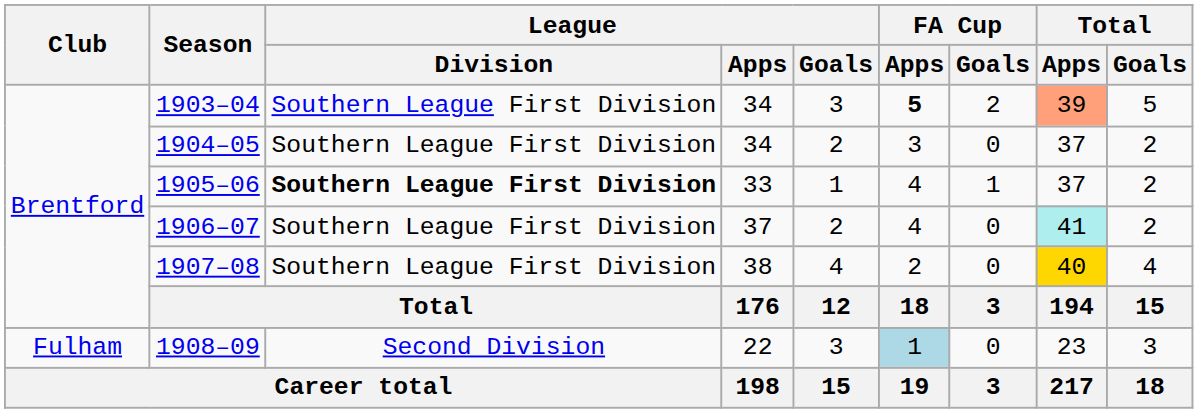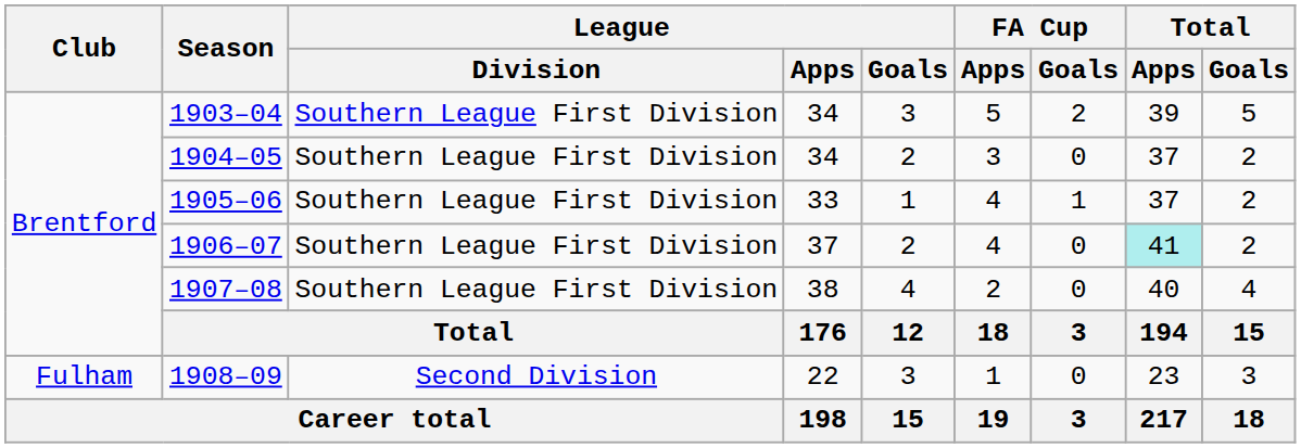 <table class="wikitable" style="text-align: center;">
 <tr>
 <th rowspan="2">Club</th>
 <th rowspan="2">Season</th>
 <th colspan="3">League</th>
 <th colspan="2">FA Cup</th>
 <th colspan="2">Total</th>
 </tr>
 <tr>
 <th>Division</th>
 <th>Apps</th>
 <th>Goals</th>
 <th>Apps</th>
 <th>Goals</th>
 <th>Apps</th>
 <th>Goals</th>
 </tr>
 <tr>
 <td rowspan="6"><a href='#'>Brentford</a></td>
 <td><a href='#'>1903–04</a></td>
 <td><a href='#'>Southern League</a> First Division</td>
 <td>34</td>
 <td>3</td>
-<td><strong>5</strong></td>
+<td>5</td>
 <td>2</td>
-<td style="background: lightsalmon;">39</td>
+<td>39</td>
 <td>5</td>
 </tr>
 <tr>
 <td><a href='#'>1904–05</a></td>
 <td>Southern League First Division</td>
 <td>34</td>
 <td>2</td>
 <td>3</td>
 <td>0</td>
 <td>37</td>
 <td>2</td>
 </tr>
 <tr>
 <td><a href='#'>1905–06</a></td>
-<td><strong>Southern League First Division</strong></td>
+<td>Southern League First Division</td>
 <td>33</td>
 <td>1</td>
 <td>4</td>
 <td>1</td>
 <td>37</td>
 <td>2</td>
 </tr>
 <tr>
 <td><a href='#'>1906–07</a></td>
 <td>Southern League First Division</td>
 <td>37</td>
 <td>2</td>
 <td>4</td>
 <td>0</td>
 <td style="background: paleturquoise;">41</td>
 <td>2</td>
 </tr>
 <tr>
 <td><a href='#'>1907–08</a></td>
 <td>Southern League First Division</td>
 <td>38</td>
 <td>4</td>
 <td>2</td>
 <td>0</td>
-<td style="background: gold;">40</td>
+<td>40</td>
 <td>4</td>
 </tr>
 <tr>
 <th colspan="2">Total</th>
 <th>176</th>
 <th>12</th>
 <th>18</th>
 <th>3</th>
 <th>194</th>
 <th>15</th>
 </tr>
 <tr>
 <td><a href='#'>Fulham</a></td>
 <td><a href='#'>1908–09</a></td>
 <td><a href='#'>Second Division</a></td>
 <td>22</td>
 <td>3</td>
-<td style="background: lightblue;">1</td>
+<td>1</td>
 <td>0</td>
 <td>23</td>
 <td>3</td>
 </tr>
 <tr>
 <th colspan="3">Career total</th>
 <th>198</th>
 <th>15</th>
 <th>19</th>
 <th>3</th>
 <th>217</th>
 <th>18</th>
 </tr>
 </table>
